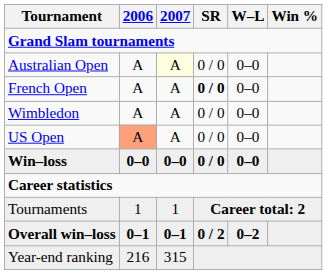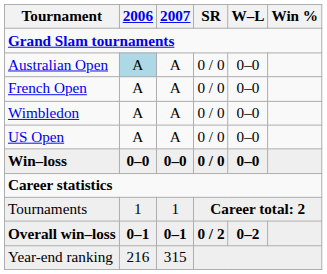 <table class="wikitable nowrap" style="text-align:center;">
 <tr>
 <th>Tournament</th>
 <th><a href='#'>2006</a></th>
 <th><a href='#'>2007</a></th>
 <th>SR</th>
 <th>W–L</th>
 <th>Win %</th>
 </tr>
 <tr>
 <td colspan="6" style="text-align:left"><strong><a href='#'>Grand Slam tournaments</a></strong></td>
 </tr>
 <tr>
 <td style="text-align:left"><a href='#'>Australian Open</a></td>
+<td style="background: lightblue;">A</td>
 <td>A</td>
-<td style="background: lightyellow;">A</td>
 <td>0 / 0</td>
 <td>0–0</td>
 <td></td>
 </tr>
 <tr>
 <td style="text-align:left"><a href='#'>French Open</a></td>
 <td>A</td>
 <td>A</td>
-<td><strong>0 / 0</strong></td>
+<td>0 / 0</td>
 <td>0–0</td>
 <td></td>
 </tr>
 <tr>
 <td style="text-align:left"><a href='#'>Wimbledon</a></td>
 <td>A</td>
 <td>A</td>
 <td>0 / 0</td>
 <td>0–0</td>
 <td></td>
 </tr>
 <tr>
 <td style="text-align:left"><a href='#'>US Open</a></td>
-<td style="background: lightsalmon;">A</td>
+<td>A</td>
 <td>A</td>
 <td>0 / 0</td>
 <td>0–0</td>
 <td></td>
 </tr>
 <tr style="font-weight:bold;background:#efefef">
 <td style="text-align:left">Win–loss</td>
 <td>0–0</td>
 <td>0–0</td>
 <td>0 / 0</td>
 <td>0–0</td>
 <td></td>
 </tr>
 <tr>
 <td colspan="6" style="text-align:left"><strong>Career statistics</strong></td>
 </tr>
 <tr style="background:#efefef">
 <td style="text-align:left">Tournaments</td>
 <td>1</td>
 <td>1</td>
 <td colspan="3"><strong>Career total: 2</strong></td>
 </tr>
 <tr style="font-weight:bold;background:#efefef">
 <td style="text-align:left">Overall win–loss</td>
 <td>0–1</td>
 <td>0–1</td>
 <td>0 / 2</td>
 <td>0–2</td>
 <td></td>
 </tr>
 <tr style="background:#efefef">
 <td style="text-align:left">Year-end ranking</td>
 <td>216</td>
 <td>315</td>
 <td colspan="3"></td>
 </tr>
 </table>
